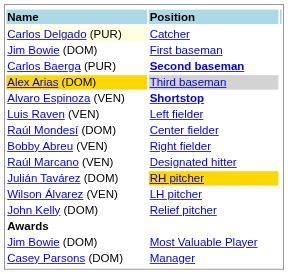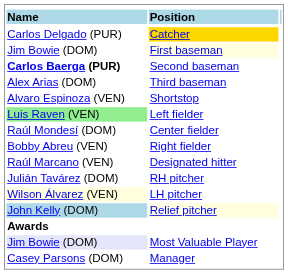 <table cellpadding="1" width="350px" style="font-size: 90%; border: 1px solid gray;">
 <tr align="center" style="font-size: larger;">
 <td colspan=6></td>
 </tr>
 <tr style="background:lightblue;">
 <td><strong>Name</strong></td>
 <td><strong>Position</strong></td>
 <td></td>
 </tr>
 <tr align="center" style="vertical-align: middle;" style="background:lightblue;">
 </tr>
 <tr>
-<td style="background: lightyellow;"><a href='#'>Carlos Delgado</a> (PUR)</td>
-<td><a href='#'>Catcher</a></td>
+<td><a href='#'>Carlos Delgado</a> (PUR)</td>
+<td style="background: gold;"><a href='#'>Catcher</a></td>
 </tr>
 <tr>
 <td><a href='#'>Jim Bowie</a> (DOM)</td>
-<td><a href='#'>First baseman</a></td>
+<td style="background: lightyellow;"><a href='#'>First baseman</a></td>
 </tr>
 <tr>
-<td><a href='#'>Carlos Baerga</a> (PUR)</td>
-<td><strong><a href='#'>Second baseman</a></strong></td>
+<td><strong><a href='#'>Carlos Baerga</a> (PUR)</strong></td>
+<td><a href='#'>Second baseman</a></td>
 </tr>
 <tr>
-<td style="background: gold;"><a href='#'>Alex Arias</a> (DOM)</td>
-<td style="background: lightgrey;"><a href='#'>Third baseman</a></td>
+<td><a href='#'>Alex Arias</a> (DOM)</td>
+<td><a href='#'>Third baseman</a></td>
 </tr>
 <tr>
 <td><a href='#'>Alvaro Espinoza</a> (VEN)</td>
-<td><strong><a href='#'>Shortstop</a></strong></td>
+<td><a href='#'>Shortstop</a></td>
 </tr>
 <tr>
-<td><a href='#'>Luis Raven</a> (VEN)</td>
+<td style="background: lightgreen;"><a href='#'>Luis Raven</a> (VEN)</td>
 <td><a href='#'>Left fielder</a></td>
 </tr>
 <tr>
 <td><a href='#'>Raúl Mondesí</a> (DOM)</td>
 <td><a href='#'>Center fielder</a></td>
 </tr>
 <tr>
 <td><a href='#'>Bobby Abreu</a> (VEN)</td>
 <td><a href='#'>Right fielder</a></td>
 </tr>
 <tr>
 <td><a href='#'>Raúl Marcano</a> (VEN)</td>
 <td><a href='#'>Designated hitter</a></td>
 </tr>
 <tr>
 <td><a href='#'>Julián Tavárez</a> (DOM)</td>
-<td style="background: gold;"><a href='#'>RH pitcher</a></td>
+<td><a href='#'>RH pitcher</a></td>
 </tr>
 <tr>
-<td><a href='#'>Wilson Álvarez</a> (VEN)</td>
+<td style="background: lightyellow;"><a href='#'>Wilson Álvarez</a> (VEN)</td>
 <td><a href='#'>LH pitcher</a></td>
 </tr>
 <tr>
-<td><a href='#'>John Kelly</a> (DOM)</td>
-<td><a href='#'>Relief pitcher</a></td>
+<td style="background: lightblue;"><a href='#'>John Kelly</a> (DOM)</td>
+<td style="background: lightyellow;"><a href='#'>Relief pitcher</a></td>
 </tr>
 <tr>
 <td><strong>Awards</strong></td>
 </tr>
 <tr>
-<td><a href='#'>Jim Bowie</a> (DOM)</td>
+<td style="background: lavender;"><a href='#'>Jim Bowie</a> (DOM)</td>
 <td><a href='#'>Most Valuable Player</a></td>
 </tr>
 <tr>
 <td><a href='#'>Casey Parsons</a> (DOM)</td>
 <td><a href='#'>Manager</a></td>
 </tr>
 <tr>
 </tr>
 </table>
